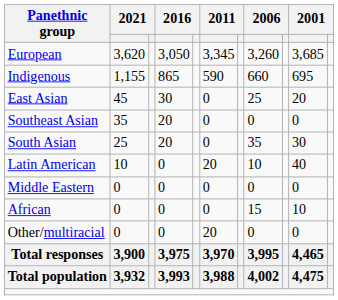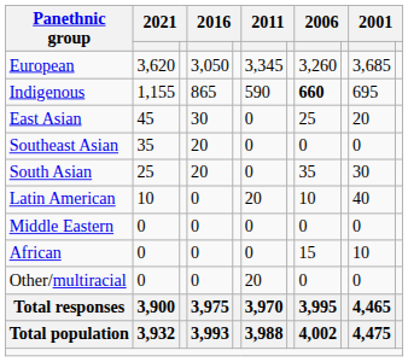 <table class="wikitable collapsible sortable">
 <tr>
 <th rowspan="2"><a href='#'>Panethnic</a><br>group</th>
 <th colspan="2">2021</th>
 <th colspan="2">2016</th>
 <th colspan="2">2011</th>
 <th colspan="2">2006</th>
 <th colspan="2">2001</th>
 </tr>
 <tr>
 <th><a href='#'></a></th>
 <th></th>
 <th></th>
 <th></th>
 <th></th>
 <th></th>
 <th></th>
 <th></th>
 <th></th>
 <th></th>
 </tr>
 <tr>
 <td><a href='#'>European</a></td>
 <td>3,620</td>
 <td></td>
 <td>3,050</td>
 <td></td>
 <td>3,345</td>
 <td></td>
 <td>3,260</td>
 <td></td>
 <td>3,685</td>
 <td></td>
 </tr>
 <tr>
 <td><a href='#'>Indigenous</a></td>
 <td>1,155</td>
 <td></td>
 <td>865</td>
 <td></td>
 <td>590</td>
 <td></td>
-<td>660</td>
+<td><strong>660</strong></td>
 <td></td>
 <td>695</td>
 <td></td>
 </tr>
 <tr>
 <td><a href='#'>East Asian</a></td>
 <td>45</td>
 <td></td>
 <td>30</td>
 <td></td>
 <td>0</td>
 <td></td>
 <td>25</td>
 <td></td>
 <td>20</td>
 <td></td>
 </tr>
 <tr>
 <td><a href='#'>Southeast Asian</a></td>
 <td>35</td>
 <td></td>
 <td>20</td>
 <td></td>
 <td>0</td>
 <td></td>
 <td>0</td>
 <td></td>
 <td>0</td>
 <td></td>
 </tr>
 <tr>
 <td><a href='#'>South Asian</a></td>
 <td>25</td>
 <td></td>
 <td>20</td>
 <td></td>
 <td>0</td>
 <td></td>
 <td>35</td>
 <td></td>
 <td>30</td>
 <td></td>
 </tr>
 <tr>
 <td><a href='#'>Latin American</a></td>
 <td>10</td>
 <td></td>
 <td>0</td>
 <td></td>
 <td>20</td>
 <td></td>
 <td>10</td>
 <td></td>
 <td>40</td>
 <td></td>
 </tr>
 <tr>
 <td><a href='#'>Middle Eastern</a></td>
 <td>0</td>
 <td></td>
 <td>0</td>
 <td></td>
 <td>0</td>
 <td></td>
 <td>0</td>
 <td></td>
 <td>0</td>
 <td></td>
 </tr>
 <tr>
 <td><a href='#'>African</a></td>
 <td>0</td>
 <td></td>
 <td>0</td>
 <td></td>
 <td>0</td>
 <td></td>
 <td>15</td>
 <td></td>
 <td>10</td>
 <td></td>
 </tr>
 <tr>
 <td>Other/<a href='#'>multiracial</a></td>
 <td>0</td>
 <td></td>
 <td>0</td>
 <td></td>
 <td>20</td>
 <td></td>
 <td>0</td>
 <td></td>
 <td>0</td>
 <td></td>
 </tr>
 <tr>
 <th>Total responses</th>
 <th>3,900</th>
 <th></th>
 <th>3,975</th>
 <th></th>
 <th>3,970</th>
 <th></th>
 <th>3,995</th>
 <th></th>
 <th>4,465</th>
 <th></th>
 </tr>
 <tr>
 <th>Total population</th>
 <th>3,932</th>
 <th></th>
 <th>3,993</th>
 <th></th>
 <th>3,988</th>
 <th></th>
 <th>4,002</th>
 <th></th>
 <th>4,475</th>
 <th></th>
 </tr>
 <tr class="sortbottom">
 <td colspan="11"></td>
 </tr>
 </table>
